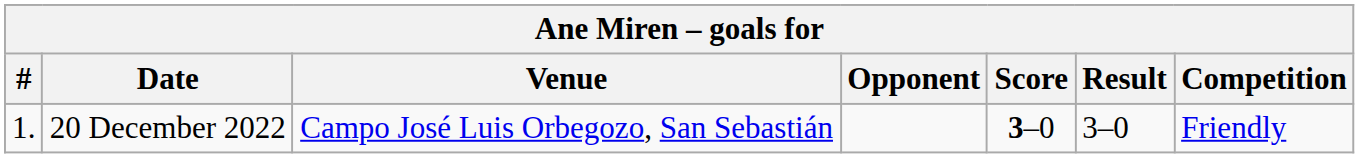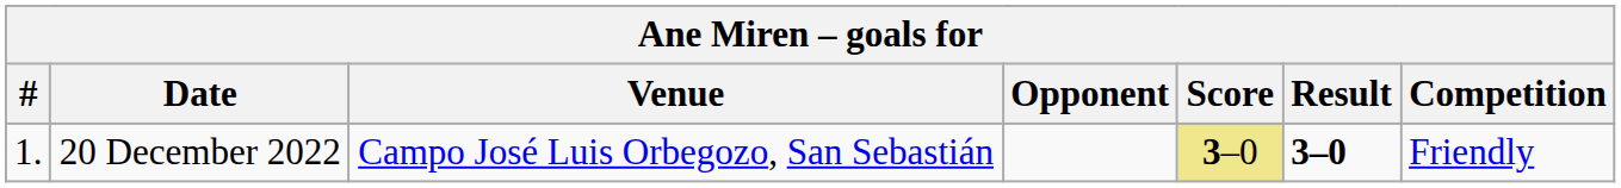 <table class="wikitable">
 <tr>
 <th colspan="7"><strong>Ane Miren – goals for </strong></th>
 </tr>
 <tr>
 <th>#</th>
 <th>Date</th>
 <th>Venue</th>
 <th>Opponent</th>
 <th>Score</th>
 <th>Result</th>
 <th>Competition</th>
 </tr>
 <tr>
 <td align="center">1.</td>
 <td>20 December 2022</td>
 <td><a href='#'>Campo José Luis Orbegozo</a>, <a href='#'>San Sebastián</a></td>
 <td></td>
-<td align=center><strong>3</strong>–0</td>
-<td>3–0</td>
+<td align=center style="background: khaki;"><strong>3</strong>–0</td>
+<td><strong>3–0</strong></td>
 <td><a href='#'>Friendly</a></td>
 </tr>
 </table>
